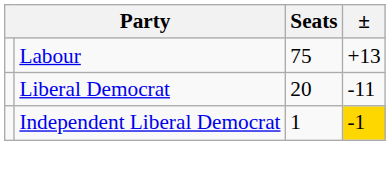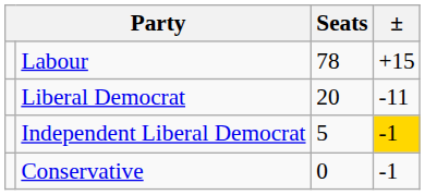 <table class="wikitable">
 <tr>
 <th colspan="2">Party</th>
 <th>Seats</th>
 <th>  ±  </th>
 </tr>
 <tr>
 <td style="background-color: "></td>
 <td><a href='#'>Labour</a></td>
-<td>75</td>
-<td>+13</td>
+<td>78</td>
+<td>+15</td>
 </tr>
 <tr>
 <td style="background-color: "></td>
 <td><a href='#'>Liberal Democrat</a></td>
 <td>20</td>
 <td>-11</td>
 </tr>
 <tr>
 <td style="background-color: "></td>
 <td><a href='#'>Independent Liberal Democrat</a></td>
-<td>1</td>
+<td>5</td>
 <td style="background: gold;">-1</td>
 </tr>
+<tr>
+<td style="background-color: "></td>
+<td><a href='#'>Conservative</a></td>
+<td>0</td>
+<td>-1</td>
+</tr>
 </table>
